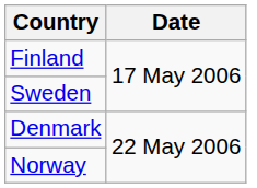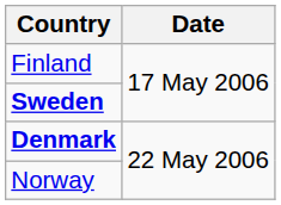 <table class="wikitable">
 <tr>
 <th>Country</th>
 <th>Date</th>
 </tr>
 <tr>
 <td><a href='#'>Finland</a></td>
 <td rowspan="2">17 May 2006</td>
 </tr>
 <tr>
-<td><a href='#'>Sweden</a></td>
+<td><strong><a href='#'>Sweden</a></strong></td>
 </tr>
 <tr>
-<td><a href='#'>Denmark</a></td>
+<td><strong><a href='#'>Denmark</a></strong></td>
 <td rowspan="2">22 May 2006</td>
 </tr>
 <tr>
 <td><a href='#'>Norway</a></td>
 </tr>
 </table>
